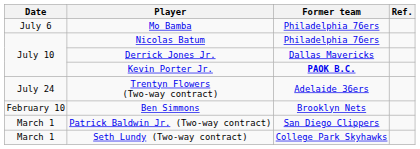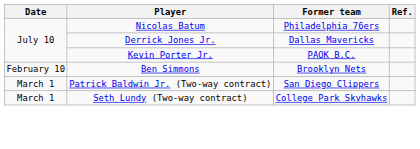 <table class="wikitable sortable sortable" style="text-align: center">
 <tr>
 <th scope="col">Date</th>
 <th scope="col">Player</th>
 <th scope="col">Former team</th>
 <th scope="col">Ref.</th>
-</tr>
-<tr>
-<td>July 6</td>
-<td><a href='#'>Mo Bamba</a></td>
-<td><a href='#'>Philadelphia 76ers</a></td>
-<td></td>
 </tr>
 <tr>
 <td rowspan=3>July 10</td>
 <td><a href='#'>Nicolas Batum</a></td>
 <td><a href='#'>Philadelphia 76ers</a></td>
 <td></td>
 </tr>
 <tr>
 <td><a href='#'>Derrick Jones Jr.</a></td>
 <td><a href='#'>Dallas Mavericks</a></td>
 <td></td>
 </tr>
 <tr>
 <td><a href='#'>Kevin Porter Jr.</a></td>
-<td><strong> <a href='#'>PAOK B.C.</a></strong></td>
-<td></td>
-</tr>
-<tr>
-<td>July 24</td>
-<td><a href='#'>Trentyn Flowers</a><br>(Two-way contract)</td>
-<td> <a href='#'>Adelaide 36ers</a></td>
+<td> <a href='#'>PAOK B.C.</a></td>
 <td></td>
 </tr>
 <tr>
 <td>February 10</td>
 <td><a href='#'>Ben Simmons</a></td>
 <td><a href='#'>Brooklyn Nets</a></td>
 <td></td>
 </tr>
 <tr>
 <td>March 1</td>
 <td><a href='#'>Patrick Baldwin Jr.</a> (Two-way contract)</td>
 <td><a href='#'>San Diego Clippers</a></td>
 <td></td>
 </tr>
 <tr>
 <td>March 1</td>
 <td><a href='#'>Seth Lundy</a> (Two-way contract)</td>
 <td><a href='#'>College Park Skyhawks</a></td>
 <td></td>
 </tr>
 </table>
